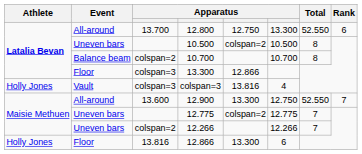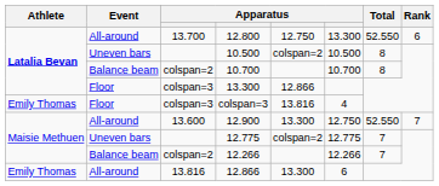 <table class="wikitable" style="font-size:90%">
 <tr>
 <th rowspan=2>Athlete</th>
 <th rowspan=2>Event</th>
 <th colspan=4>Apparatus</th>
 <th rowspan=2>Total</th>
 <th rowspan=2>Rank</th>
 </tr>
 <tr style="font-size:95%">
 <th></th>
 <th></th>
 <th></th>
 <th></th>
 </tr>
 <tr align=center>
 <td align=left rowspan=4><strong><a href='#'>Latalia Bevan</a></strong></td>
 <td align=left><a href='#'>All-around</a></td>
 <td>13.700</td>
 <td>12.800</td>
 <td>12.750</td>
 <td>13.300</td>
 <td>52.550</td>
 <td>6</td>
 </tr>
 <tr align=center>
 <td align=left><a href='#'>Uneven bars</a></td>
 <td></td>
 <td>10.500</td>
 <td>colspan=2 </td>
 <td>10.500</td>
 <td>8</td>
 </tr>
 <tr align=center>
 <td align=left><a href='#'>Balance beam</a></td>
 <td>colspan=2 </td>
 <td>10.700</td>
 <td></td>
 <td>10.700</td>
 <td>8</td>
 </tr>
 <tr align=center>
 <td align=left><a href='#'>Floor</a></td>
 <td>colspan=3 </td>
 <td>13.300</td>
 <td>12.866</td>
 <td></td>
 </tr>
 <tr align=center>
-<td align=left><a href='#'>Holly Jones</a></td>
-<td align=left><a href='#'>Vault</a></td>
+<td align=left><a href='#'>Emily Thomas</a></td>
+<td align=left><a href='#'>Floor</a></td>
 <td>colspan=3 </td>
 <td>colspan=3 </td>
 <td>13.816</td>
 <td>4</td>
 </tr>
 <tr align=center>
 <td align=left rowspan=3><a href='#'>Maisie Methuen</a></td>
 <td align=left><a href='#'>All-around</a></td>
 <td>13.600</td>
 <td>12.900</td>
 <td>13.300</td>
 <td>12.750</td>
 <td>52.550</td>
 <td>7</td>
 </tr>
 <tr align=center>
 <td align=left><a href='#'>Uneven bars</a></td>
 <td></td>
 <td>12.775</td>
 <td>colspan=2 </td>
 <td>12.775</td>
 <td>7</td>
 </tr>
 <tr align=center>
-<td align=left><a href='#'>Uneven bars</a></td>
+<td align=left><a href='#'>Balance beam</a></td>
 <td>colspan=2 </td>
 <td>12.266</td>
 <td></td>
 <td>12.266</td>
 <td>7</td>
 </tr>
 <tr align=center>
-<td align=left><a href='#'>Holly Jones</a></td>
-<td align=left><a href='#'>Floor</a></td>
+<td align=left><a href='#'>Emily Thomas</a></td>
+<td align=left><a href='#'>All-around</a></td>
 <td>13.816</td>
 <td>12.866</td>
 <td>13.300</td>
 <td>6</td>
 </tr>
 </table>
